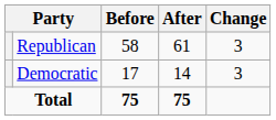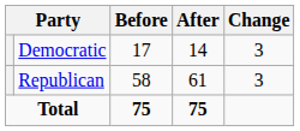 <table class="wikitable" style="text-align:center;">
 <tr>
 </tr>
 <tr>
 <th colspan=2>Party</th>
 <th>Before</th>
 <th>After</th>
 <th>Change</th>
 </tr>
 <tr>
 <th style="background-color:"></th>
-<td style="text-align:left;"><a href='#'>Republican</a></td>
-<td>58</td>
-<td>61</td>
+<td style="text-align:left;"><a href='#'>Democratic</a></td>
+<td>17</td>
+<td>14</td>
 <td> 3</td>
 </tr>
 <tr>
 <th style="background-color:"></th>
-<td style="text-align:left;"><a href='#'>Democratic</a></td>
-<td>17</td>
-<td>14</td>
+<td style="text-align:left;"><a href='#'>Republican</a></td>
+<td>58</td>
+<td>61</td>
 <td> 3</td>
 </tr>
 <tr>
 <td colspan=2><strong>Total</strong></td>
 <td><strong>75</strong></td>
 <td><strong>75</strong></td>
 <td></td>
 </tr>
 </table>
